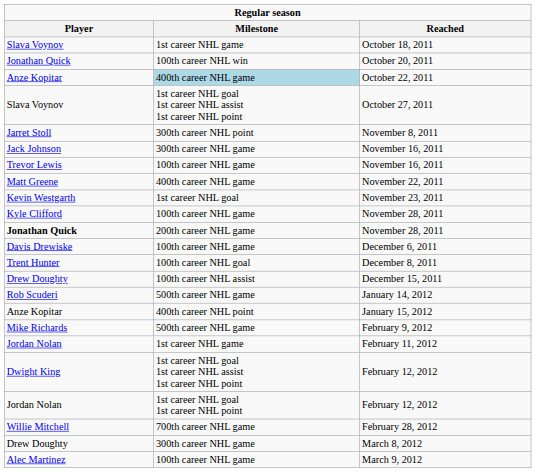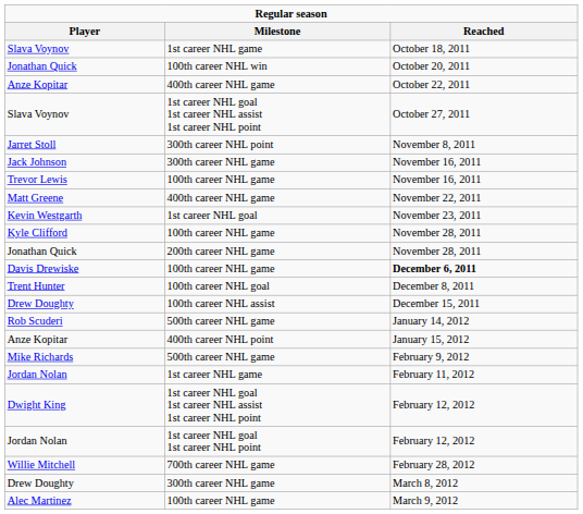 <table class="wikitable" style="width:52%;">
 <tr>
 <td colspan="10" style="text-align:center;"><strong>Regular season</strong></td>
 </tr>
 <tr>
 <th>Player</th>
 <th>Milestone</th>
 <th>Reached</th>
 </tr>
 <tr>
 <td><a href='#'>Slava Voynov</a></td>
 <td>1st career NHL game</td>
 <td>October 18, 2011</td>
 </tr>
 <tr>
 <td><a href='#'>Jonathan Quick</a></td>
 <td>100th career NHL win</td>
 <td>October 20, 2011</td>
 </tr>
 <tr>
 <td><a href='#'>Anze Kopitar</a></td>
-<td style="background: lightblue;">400th career NHL game</td>
+<td>400th career NHL game</td>
 <td>October 22, 2011</td>
 </tr>
 <tr>
 <td>Slava Voynov</td>
 <td>1st career NHL goal<br>1st career NHL assist<br>1st career NHL point</td>
 <td>October 27, 2011</td>
 </tr>
 <tr>
 <td><a href='#'>Jarret Stoll</a></td>
 <td>300th career NHL point</td>
 <td>November 8, 2011</td>
 </tr>
 <tr>
 <td><a href='#'>Jack Johnson</a></td>
 <td>300th career NHL game</td>
 <td>November 16, 2011</td>
 </tr>
 <tr>
 <td><a href='#'>Trevor Lewis</a></td>
 <td>100th career NHL game</td>
 <td>November 16, 2011</td>
 </tr>
 <tr>
 <td><a href='#'>Matt Greene</a></td>
 <td>400th career NHL game</td>
 <td>November 22, 2011</td>
 </tr>
 <tr>
 <td><a href='#'>Kevin Westgarth</a></td>
 <td>1st career NHL goal</td>
 <td>November 23, 2011</td>
 </tr>
 <tr>
 <td><a href='#'>Kyle Clifford</a></td>
 <td>100th career NHL game</td>
 <td>November 28, 2011</td>
 </tr>
 <tr>
-<td><strong>Jonathan Quick</strong></td>
+<td>Jonathan Quick</td>
 <td>200th career NHL game</td>
 <td>November 28, 2011</td>
 </tr>
 <tr>
 <td><a href='#'>Davis Drewiske</a></td>
 <td>100th career NHL game</td>
-<td>December 6, 2011</td>
+<td><strong>December 6, 2011</strong></td>
 </tr>
 <tr>
 <td><a href='#'>Trent Hunter</a></td>
 <td>100th career NHL goal</td>
 <td>December 8, 2011</td>
 </tr>
 <tr>
 <td><a href='#'>Drew Doughty</a></td>
 <td>100th career NHL assist</td>
 <td>December 15, 2011</td>
 </tr>
 <tr>
 <td><a href='#'>Rob Scuderi</a></td>
 <td>500th career NHL game</td>
 <td>January 14, 2012</td>
 </tr>
 <tr>
 <td>Anze Kopitar</td>
 <td>400th career NHL point</td>
 <td>January 15, 2012</td>
 </tr>
 <tr>
 <td><a href='#'>Mike Richards</a></td>
 <td>500th career NHL game</td>
 <td>February 9, 2012</td>
 </tr>
 <tr>
 <td><a href='#'>Jordan Nolan</a></td>
 <td>1st career NHL game</td>
 <td>February 11, 2012</td>
 </tr>
 <tr>
 <td><a href='#'>Dwight King</a></td>
 <td>1st career NHL goal<br>1st career NHL assist<br>1st career NHL point</td>
 <td>February 12, 2012</td>
 </tr>
 <tr>
 <td>Jordan Nolan</td>
 <td>1st career NHL goal<br>1st career NHL point</td>
 <td>February 12, 2012</td>
 </tr>
 <tr>
 <td><a href='#'>Willie Mitchell</a></td>
 <td>700th career NHL game</td>
 <td>February 28, 2012</td>
 </tr>
 <tr>
 <td>Drew Doughty</td>
 <td>300th career NHL game</td>
 <td>March 8, 2012</td>
 </tr>
 <tr>
 <td><a href='#'>Alec Martinez</a></td>
 <td>100th career NHL game</td>
 <td>March 9, 2012</td>
 </tr>
 </table>
